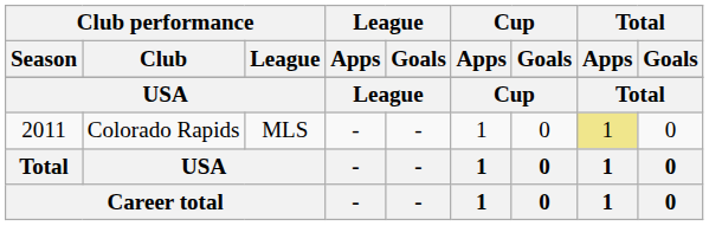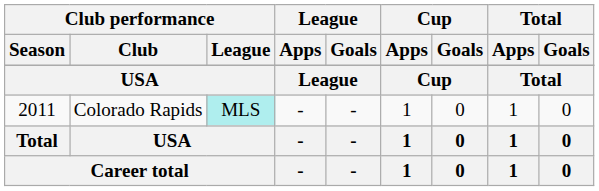 <table class="wikitable" style="text-align:center">
 <tr>
 <th colspan=3>Club performance</th>
 <th colspan=2>League</th>
 <th colspan=2>Cup</th>
 <th colspan=2>Total</th>
 </tr>
 <tr>
 <th>Season</th>
 <th>Club</th>
 <th>League</th>
 <th>Apps</th>
 <th>Goals</th>
 <th>Apps</th>
 <th>Goals</th>
 <th>Apps</th>
 <th>Goals</th>
 </tr>
 <tr>
 </tr>
 <tr>
 <th colspan=3>USA</th>
 <th colspan=2>League</th>
 <th colspan=2>Cup</th>
 <th colspan=2>Total</th>
 </tr>
 <tr>
 <td>2011</td>
 <td>Colorado Rapids</td>
-<td>MLS</td>
+<td style="background: paleturquoise;">MLS</td>
 <td>-</td>
 <td>-</td>
 <td>1</td>
 <td>0</td>
-<td style="background: khaki;">1</td>
+<td>1</td>
 <td>0</td>
 </tr>
 <tr>
 <th rowspan=1>Total</th>
 <th colspan=2>USA</th>
 <th>-</th>
 <th>-</th>
 <th>1</th>
 <th>0</th>
 <th>1</th>
 <th>0</th>
 </tr>
 <tr>
 <th colspan=3>Career total</th>
 <th>-</th>
 <th>-</th>
 <th>1</th>
 <th>0</th>
 <th>1</th>
 <th>0</th>
 </tr>
 </table>
